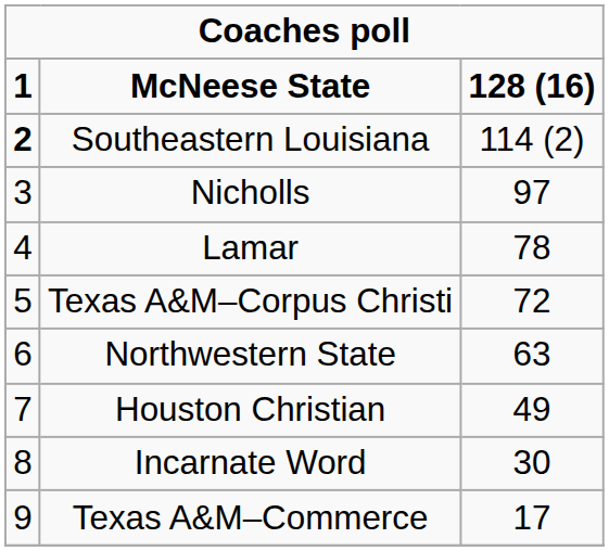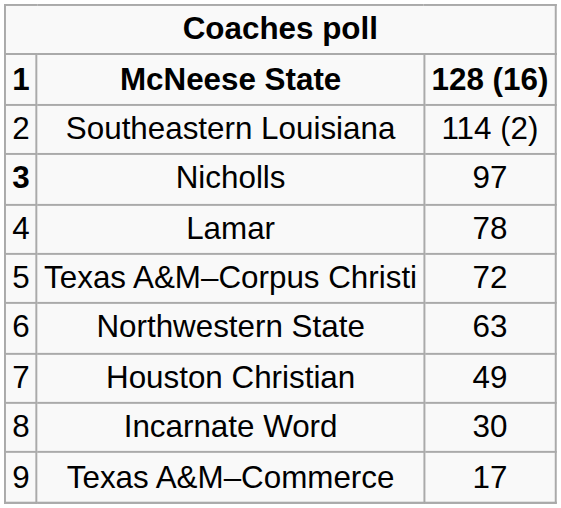 <table class="wikitable">
 <tr align="center">
 <td align="center" Colspan="3"><strong>Coaches poll</strong></td>
 </tr>
 <tr align="center">
 </tr>
 <tr align="center">
 <td><strong>1</strong></td>
 <td><strong>McNeese State</strong></td>
 <td><strong>128 (16)</strong></td>
 </tr>
 <tr align="center">
-<td><strong>2</strong></td>
+<td>2</td>
 <td>Southeastern Louisiana</td>
 <td>114 (2)</td>
 </tr>
 <tr align="center">
-<td>3</td>
+<td><strong>3</strong></td>
 <td>Nicholls</td>
 <td>97</td>
 </tr>
 <tr align="center">
 <td>4</td>
 <td>Lamar</td>
 <td>78</td>
 </tr>
 <tr align="center">
 <td>5</td>
 <td>Texas A&M–Corpus Christi</td>
 <td>72</td>
 </tr>
 <tr align="center">
 <td>6</td>
 <td>Northwestern State</td>
 <td>63</td>
 </tr>
 <tr align="center">
 <td>7</td>
 <td>Houston Christian</td>
 <td>49</td>
 </tr>
 <tr align="center">
 <td>8</td>
 <td>Incarnate Word</td>
 <td>30</td>
 </tr>
 <tr align="center">
 <td>9</td>
 <td>Texas A&M–Commerce</td>
 <td>17</td>
 </tr>
 <tr align="center">
 </tr>
 </table>
